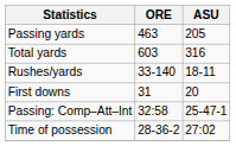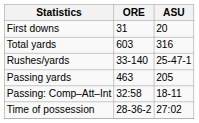 <table class="wikitable" style="float: left;">
 <tr>
 <th>Statistics</th>
 <th>ORE</th>
 <th>ASU</th>
 </tr>
 <tr>
-<td>Passing yards</td>
-<td>463</td>
-<td>205</td>
+<td>First downs</td>
+<td>31</td>
+<td>20</td>
 </tr>
 <tr>
 <td>Total yards</td>
 <td>603</td>
 <td>316</td>
 </tr>
 <tr>
 <td>Rushes/yards</td>
 <td>33-140</td>
-<td>18-11</td>
+<td>25-47-1</td>
 </tr>
 <tr>
-<td>First downs</td>
-<td>31</td>
-<td>20</td>
+<td>Passing yards</td>
+<td>463</td>
+<td>205</td>
 </tr>
 <tr>
 <td>Passing: Comp–Att–Int</td>
 <td>32:58</td>
-<td>25-47-1</td>
+<td>18-11</td>
 </tr>
 <tr>
 <td>Time of possession</td>
 <td>28-36-2</td>
 <td>27:02</td>
 </tr>
 <tr>
 </tr>
 </table>
